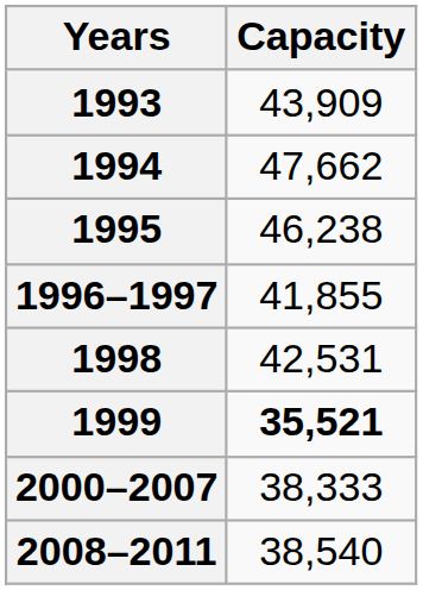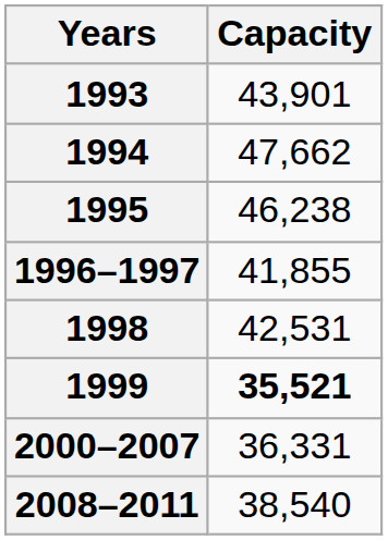 <table class="wikitable">
 <tr>
 <th scope="row">Years</th>
 <th scope="row">Capacity</th>
 </tr>
 <tr>
 <th scope="row">1993</th>
-<td style="text-align:center">43,909</td>
+<td style="text-align:center">43,901</td>
 </tr>
 <tr>
 <th scope="row">1994</th>
 <td style="text-align:center">47,662</td>
 </tr>
 <tr>
 <th scope="row">1995</th>
 <td style="text-align:center">46,238</td>
 </tr>
 <tr>
 <th scope="row">1996–1997</th>
 <td style="text-align:center">41,855</td>
 </tr>
 <tr>
 <th scope="row">1998</th>
 <td style="text-align:center">42,531</td>
 </tr>
 <tr>
 <th scope="row">1999</th>
 <td style="text-align:center"><strong>35,521</strong></td>
 </tr>
 <tr>
 <th scope="row">2000–2007</th>
-<td style="text-align:center">38,333</td>
+<td style="text-align:center">36,331</td>
 </tr>
 <tr>
 <th scope="row">2008–2011</th>
 <td style="text-align:center">38,540</td>
 </tr>
 </table>
